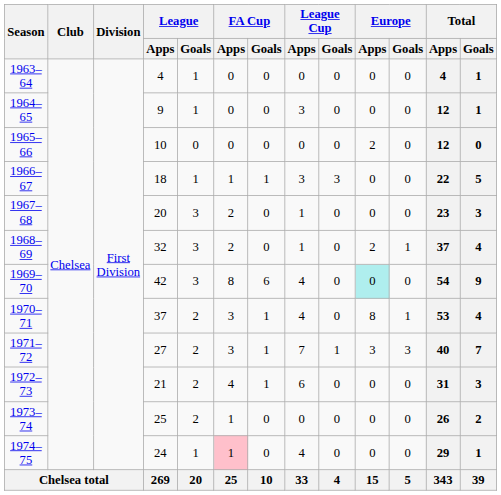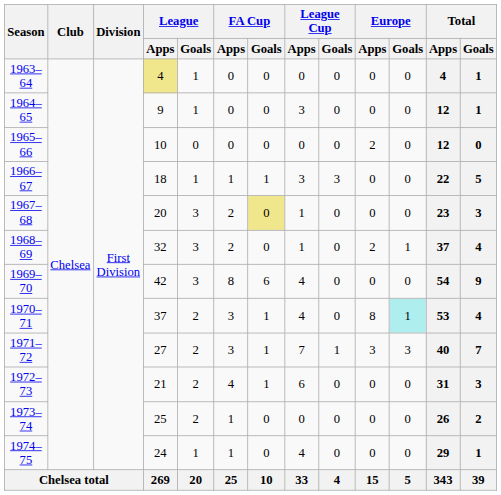 <table class="wikitable" style="font-size:100%; text-align: center;">
 <tr>
 <th rowspan="2">Season</th>
 <th rowspan="2">Club</th>
 <th rowspan="2">Division</th>
 <th colspan="2"><a href='#'>League</a></th>
 <th colspan="2"><a href='#'>FA Cup</a></th>
 <th colspan="2"><a href='#'>League Cup</a></th>
 <th colspan="2"><a href='#'>Europe</a></th>
 <th colspan="2">Total</th>
 </tr>
 <tr>
 <th>Apps</th>
 <th>Goals</th>
 <th>Apps</th>
 <th>Goals</th>
 <th>Apps</th>
 <th>Goals</th>
 <th>Apps</th>
 <th>Goals</th>
 <th>Apps</th>
 <th>Goals</th>
 </tr>
 <tr>
 <td><a href='#'>1963–64</a></td>
 <td rowspan="12" valign="center"><a href='#'>Chelsea</a></td>
 <td rowspan="12" valign="center"><a href='#'>First Division</a></td>
-<td>4</td>
+<td style="background: khaki;">4</td>
 <td>1</td>
 <td>0</td>
 <td>0</td>
 <td>0</td>
 <td>0</td>
 <td>0</td>
 <td>0</td>
 <th>4</th>
 <th>1</th>
 </tr>
 <tr>
 <td><a href='#'>1964–65</a></td>
 <td>9</td>
 <td>1</td>
 <td>0</td>
 <td>0</td>
 <td>3</td>
 <td>0</td>
 <td>0</td>
 <td>0</td>
 <th>12</th>
 <th>1</th>
 </tr>
 <tr>
 <td><a href='#'>1965–66</a></td>
 <td>10</td>
 <td>0</td>
 <td>0</td>
 <td>0</td>
 <td>0</td>
 <td>0</td>
 <td>2</td>
 <td>0</td>
 <th>12</th>
 <th>0</th>
 </tr>
 <tr>
 <td><a href='#'>1966–67</a></td>
 <td>18</td>
 <td>1</td>
 <td>1</td>
 <td>1</td>
 <td>3</td>
 <td>3</td>
 <td>0</td>
 <td>0</td>
 <th>22</th>
 <th>5</th>
 </tr>
 <tr>
 <td><a href='#'>1967–68</a></td>
 <td>20</td>
 <td>3</td>
 <td>2</td>
-<td>0</td>
+<td style="background: khaki;">0</td>
 <td>1</td>
 <td>0</td>
 <td>0</td>
 <td>0</td>
 <th>23</th>
 <th>3</th>
 </tr>
 <tr>
 <td><a href='#'>1968–69</a></td>
 <td>32</td>
 <td>3</td>
 <td>2</td>
 <td>0</td>
 <td>1</td>
 <td>0</td>
 <td>2</td>
 <td>1</td>
 <th>37</th>
 <th>4</th>
 </tr>
 <tr>
 <td><a href='#'>1969–70</a></td>
 <td>42</td>
 <td>3</td>
 <td>8</td>
 <td>6</td>
 <td>4</td>
 <td>0</td>
-<td style="background: paleturquoise;">0</td>
+<td>0</td>
 <td>0</td>
 <th>54</th>
 <th>9</th>
 </tr>
 <tr>
 <td><a href='#'>1970–71</a></td>
 <td>37</td>
 <td>2</td>
 <td>3</td>
 <td>1</td>
 <td>4</td>
 <td>0</td>
 <td>8</td>
-<td>1</td>
+<td style="background: paleturquoise;">1</td>
 <th>53</th>
 <th>4</th>
 </tr>
 <tr>
 <td><a href='#'>1971–72</a></td>
 <td>27</td>
 <td>2</td>
 <td>3</td>
 <td>1</td>
 <td>7</td>
 <td>1</td>
 <td>3</td>
 <td>3</td>
 <th>40</th>
 <th>7</th>
 </tr>
 <tr>
 <td><a href='#'>1972–73</a></td>
 <td>21</td>
 <td>2</td>
 <td>4</td>
 <td>1</td>
 <td>6</td>
 <td>0</td>
 <td>0</td>
 <td>0</td>
 <th>31</th>
 <th>3</th>
 </tr>
 <tr>
 <td><a href='#'>1973–74</a></td>
 <td>25</td>
 <td>2</td>
 <td>1</td>
 <td>0</td>
 <td>0</td>
 <td>0</td>
 <td>0</td>
 <td>0</td>
 <th>26</th>
 <th>2</th>
 </tr>
 <tr>
 <td><a href='#'>1974–75</a></td>
 <td>24</td>
 <td>1</td>
-<td style="background: pink;">1</td>
+<td>1</td>
 <td>0</td>
 <td>4</td>
 <td>0</td>
 <td>0</td>
 <td>0</td>
 <th>29</th>
 <th>1</th>
 </tr>
 <tr>
 <th colspan="3" valign="center">Chelsea total</th>
 <th>269</th>
 <th>20</th>
 <th>25</th>
 <th>10</th>
 <th>33</th>
 <th>4</th>
 <th>15</th>
 <th>5</th>
 <th>343</th>
 <th>39</th>
 </tr>
 </table>
